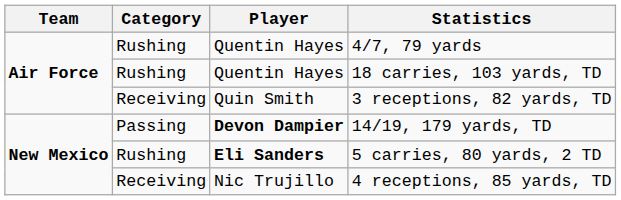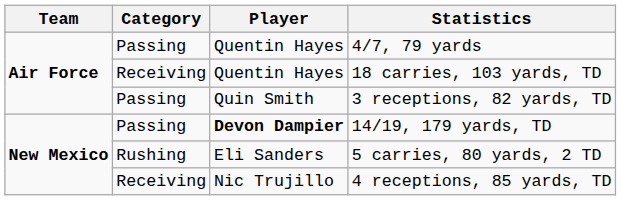 <table class="wikitable" style="float: right;">
 <tr>
 <th>Team</th>
 <th>Category</th>
 <th>Player</th>
 <th>Statistics</th>
 </tr>
 <tr>
 <td rowspan=3><strong>Air Force</strong></td>
-<td>Rushing</td>
+<td>Passing</td>
 <td>Quentin Hayes</td>
 <td>4/7, 79 yards</td>
 </tr>
 <tr>
-<td>Rushing</td>
+<td>Receiving</td>
 <td>Quentin Hayes</td>
 <td>18 carries, 103 yards, TD</td>
 </tr>
 <tr>
-<td>Receiving</td>
+<td>Passing</td>
 <td>Quin Smith</td>
 <td>3 receptions, 82 yards, TD</td>
 </tr>
 <tr>
 <td rowspan=3><strong>New Mexico</strong></td>
 <td>Passing</td>
 <td><strong>Devon Dampier</strong></td>
 <td>14/19, 179 yards, TD</td>
 </tr>
 <tr>
 <td>Rushing</td>
-<td><strong>Eli Sanders</strong></td>
+<td>Eli Sanders</td>
 <td>5 carries, 80 yards, 2 TD</td>
 </tr>
 <tr>
 <td>Receiving</td>
 <td>Nic Trujillo</td>
 <td>4 receptions, 85 yards, TD</td>
 </tr>
 </table>
